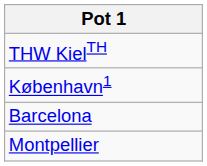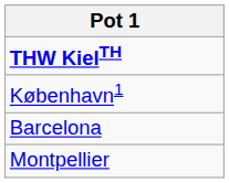 <table class="wikitable">
 <tr>
 <th width=165>Pot 1</th>
 </tr>
 <tr>
-<td> <a href='#'>THW Kiel</a><sup><a href='#'>TH</a></sup></td>
+<td><strong> <a href='#'>THW Kiel</a><sup><a href='#'>TH</a></sup></strong></td>
 </tr>
 <tr>
 <td> <a href='#'>København</a><sup><a href='#'>1</a></sup></td>
 </tr>
 <tr>
 <td> <a href='#'>Barcelona</a></td>
 </tr>
 <tr>
 <td> <a href='#'>Montpellier</a></td>
 </tr>
 </table>
